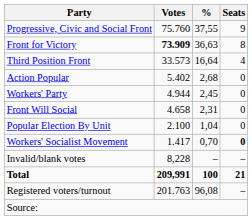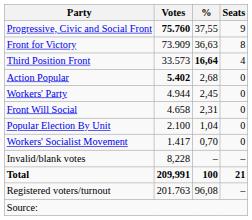 <table class=wikitable style=text-align:right>
 <tr>
 <th>Party</th>
 <th>Votes</th>
 <th>%</th>
 <th>Seats</th>
 </tr>
 <tr>
 <td align=left><a href='#'>Progressive, Civic and Social Front</a></td>
-<td>75.760</td>
+<td><strong>75.760</strong></td>
 <td>37,55</td>
 <td>9</td>
 </tr>
 <tr>
 <td align=left><a href='#'>Front for Victory</a></td>
-<td><strong>73.909</strong></td>
+<td>73.909</td>
 <td>36,63</td>
 <td>8</td>
 </tr>
 <tr>
 <td align=left><a href='#'>Third Position Front</a></td>
 <td>33.573</td>
-<td>16,64</td>
+<td><strong>16,64</strong></td>
 <td>4</td>
 </tr>
 <tr>
 <td align=left><a href='#'>Action Popular</a></td>
-<td>5.402</td>
+<td><strong>5.402</strong></td>
 <td>2,68</td>
 <td>0</td>
 </tr>
 <tr>
 <td align=left><a href='#'>Workers' Party</a></td>
 <td>4.944</td>
 <td>2,45</td>
 <td>0</td>
 </tr>
 <tr>
 <td align=left><a href='#'>Front Will Social</a></td>
 <td>4.658</td>
 <td>2,31</td>
 <td>0</td>
 </tr>
 <tr>
 <td align=left><a href='#'>Popular Election By Unit</a></td>
 <td>2.100</td>
 <td>1,04</td>
 <td>0</td>
 </tr>
 <tr>
 <td align=left><a href='#'>Workers' Socialist Movement</a></td>
 <td>1.417</td>
 <td>0,70</td>
-<td><strong>0</strong></td>
+<td>0</td>
 </tr>
 <tr>
 <td align=left>Invalid/blank votes</td>
 <td>8,228</td>
 <td>–</td>
 <td>–</td>
 </tr>
 <tr>
 <td align=left><strong>Total</strong></td>
 <td><strong>209,991</strong></td>
 <td><strong>100</strong></td>
 <td><strong>21</strong></td>
 </tr>
 <tr>
 <td align=left>Registered voters/turnout</td>
 <td>201.763</td>
 <td>96,08</td>
 <td>–</td>
 </tr>
 <tr>
 <td align=left colspan=5>Source: </td>
 </tr>
 </table>
